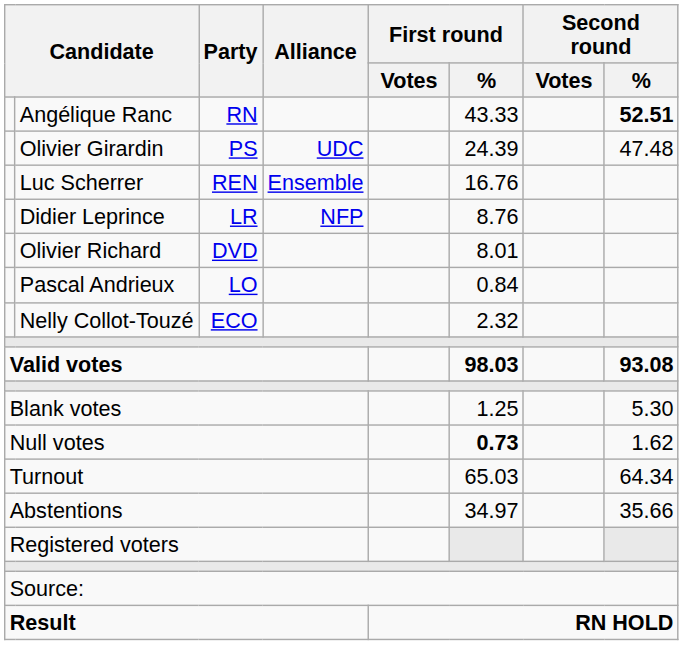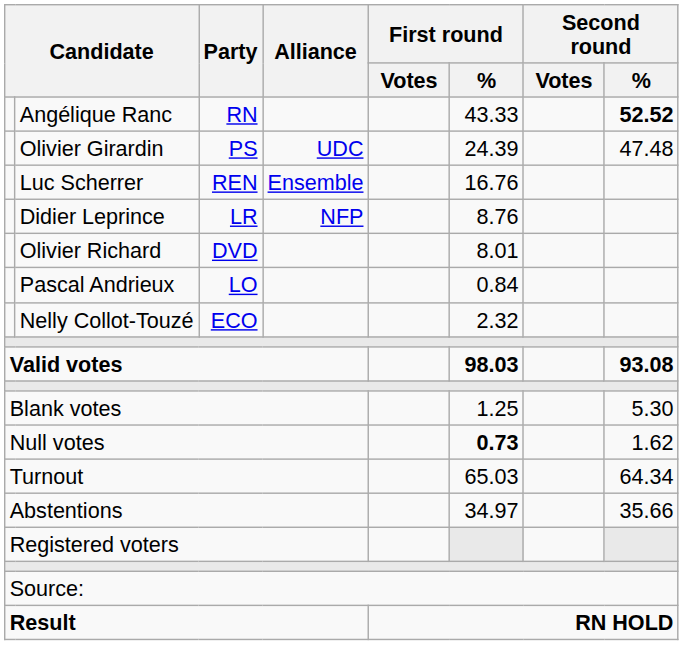 <table class="wikitable" style="text-align:right;font-size:95%;">
 <tr>
 <th colspan="2" rowspan="2">Candidate</th>
 <th colspan="1" rowspan="2">Party</th>
 <th colspan="1" rowspan="2">Alliance</th>
 <th colspan="2">First round</th>
 <th colspan="2">Second round</th>
 </tr>
 <tr>
 <th style="width:50px;">Votes</th>
 <th style="width:45px;">%</th>
 <th style="width:50px;">Votes</th>
 <th style="width:45px;">%</th>
 </tr>
 <tr>
 <td style="color:inherit;background:"></td>
 <td style="text-align:left;">Angélique Ranc</td>
 <td><a href='#'>RN</a></td>
 <td></td>
 <td></td>
 <td>43.33</td>
 <td><strong></strong></td>
-<td><strong>52.51</strong></td>
+<td><strong>52.52</strong></td>
 </tr>
 <tr>
 <td style="color:inherit;background:"></td>
 <td style="text-align:left;">Olivier Girardin</td>
 <td><a href='#'>PS</a></td>
 <td><a href='#'>UDC</a></td>
 <td></td>
 <td>24.39</td>
 <td></td>
 <td>47.48</td>
 </tr>
 <tr>
 <td style="color:inherit;background:"></td>
 <td style="text-align:left;">Luc Scherrer</td>
 <td><a href='#'>REN</a></td>
 <td><a href='#'>Ensemble</a></td>
 <td></td>
 <td>16.76</td>
 <td></td>
 <td></td>
 </tr>
 <tr>
 <td style="color:inherit;background:"></td>
 <td style="text-align:left;">Didier Leprince</td>
 <td><a href='#'>LR</a></td>
 <td><a href='#'>NFP</a></td>
 <td></td>
 <td>8.76</td>
 <td></td>
 <td></td>
 </tr>
 <tr>
 <td style="color:inherit;background:"></td>
 <td style="text-align:left;">Olivier Richard</td>
 <td><a href='#'>DVD</a></td>
 <td></td>
 <td></td>
 <td>8.01</td>
 <td></td>
 <td></td>
 </tr>
 <tr>
 <td style="color:inherit;background:"></td>
 <td style="text-align:left;">Pascal Andrieux</td>
 <td><a href='#'>LO</a></td>
 <td></td>
 <td></td>
 <td>0.84</td>
 <td></td>
 <td></td>
 </tr>
 <tr>
 <td style="color:inherit;background:"></td>
 <td style="text-align:left;">Nelly Collot-Touzé</td>
 <td><a href='#'>ECO</a></td>
 <td></td>
 <td></td>
 <td>2.32</td>
 <td></td>
 <td></td>
 </tr>
 <tr>
 <td colspan="8" style="background:#E9E9E9;"></td>
 </tr>
 <tr style="font-weight:bold;">
 <td colspan="4" style="text-align:left;">Valid votes</td>
 <td></td>
 <td>98.03</td>
 <td></td>
 <td>93.08</td>
 </tr>
 <tr>
 <td colspan="8" style="background:#E9E9E9;"></td>
 </tr>
 <tr>
 <td colspan="4" style="text-align:left;">Blank votes</td>
 <td></td>
 <td>1.25</td>
 <td></td>
 <td>5.30</td>
 </tr>
 <tr>
 <td colspan="4" style="text-align:left;">Null votes</td>
 <td></td>
 <td><strong>0.73</strong></td>
 <td></td>
 <td>1.62</td>
 </tr>
 <tr>
 <td colspan="4" style="text-align:left;">Turnout</td>
 <td></td>
 <td>65.03</td>
 <td></td>
 <td>64.34</td>
 </tr>
 <tr>
 <td colspan="4" style="text-align:left;">Abstentions</td>
 <td></td>
 <td>34.97</td>
 <td></td>
 <td>35.66</td>
 </tr>
 <tr>
 <td colspan="4" style="text-align:left;">Registered voters</td>
 <td></td>
 <td style="background:#E9E9E9;"></td>
 <td></td>
 <td style="background:#E9E9E9;"></td>
 </tr>
 <tr>
 <td colspan="8" style="background:#E9E9E9;"></td>
 </tr>
 <tr>
 <td colspan="8" style="text-align:left;">Source: </td>
 </tr>
 <tr style="font-weight:bold">
 <td colspan="4" style="text-align:left;">Result</td>
 <td colspan="4" style="background-color:">RN HOLD</td>
 </tr>
 </table>
